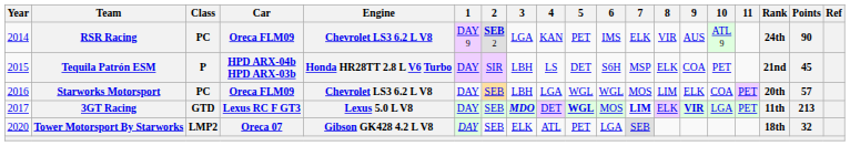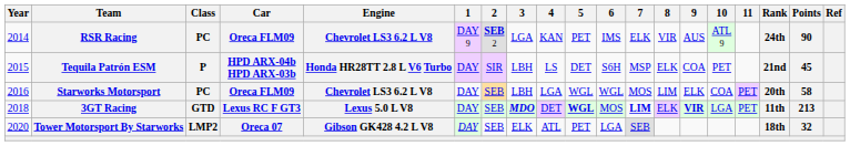 <table class="wikitable" style="text-align:center; font-size:85%">
 <tr>
 <th>Year</th>
 <th>Team</th>
 <th>Class</th>
 <th>Car</th>
 <th>Engine</th>
 <th>1</th>
 <th>2</th>
 <th>3</th>
 <th>4</th>
 <th>5</th>
 <th>6</th>
 <th>7</th>
 <th>8</th>
 <th>9</th>
 <th>10</th>
 <th>11</th>
 <th>Rank</th>
 <th>Points</th>
 <th>Ref</th>
 </tr>
 <tr>
 <td><a href='#'>2014</a></td>
 <th nowrap><a href='#'>RSR Racing</a></th>
 <th>PC</th>
 <th nowrap><a href='#'>Oreca FLM09</a></th>
 <th nowrap><a href='#'>Chevrolet LS3 6.2 L V8</a></th>
 <td style="background:#EFCFFF;"><a href='#'>DAY</a><br><small>9</small></td>
 <td style="background:#DFDFDF;"><strong><a href='#'>SEB</a></strong><br><small>2</small></td>
 <td><a href='#'>LGA</a><br><small></small></td>
 <td><a href='#'>KAN</a><br><small></small></td>
 <td><a href='#'>PET</a></td>
 <td><a href='#'>IMS</a><br><small></small></td>
 <td><a href='#'>ELK</a><br><small></small></td>
 <td><a href='#'>VIR</a><br><small></small></td>
 <td><a href='#'>AUS</a><br><small></small></td>
 <td style="background:#DFFFDF;"><a href='#'>ATL</a><br><small>9</small></td>
 <td></td>
 <th>24th</th>
 <th>90</th>
 <th></th>
 </tr>
 <tr>
 <td><a href='#'>2015</a></td>
 <th nowrap><a href='#'>Tequila Patrón ESM</a></th>
 <th>P</th>
 <th nowrap><a href='#'>HPD ARX-04b</a> <small></small><br><a href='#'>HPD ARX-03b</a> <small></small></th>
 <th nowrap><a href='#'>Honda</a> HR28TT 2.8 L <a href='#'>V6</a> <a href='#'>Turbo</a></th>
 <td style="background:#EFCFFF;"><a href='#'>DAY</a><br></td>
 <td style="background:#EFCFFF;"><a href='#'>SIR</a><br></td>
 <td><a href='#'>LBH</a></td>
 <td><a href='#'>LS</a></td>
 <td><a href='#'>DET</a></td>
 <td><a href='#'>S6H</a></td>
 <td><a href='#'>MSP</a></td>
 <td><a href='#'>ELK</a></td>
 <td><a href='#'>COA</a></td>
 <td><a href='#'>PET</a></td>
 <td></td>
 <th><strong>21nd</strong></th>
 <th><strong>45</strong></th>
 <th></th>
 </tr>
 <tr>
 <td><a href='#'>2016</a></td>
 <th nowrap><a href='#'>Starworks Motorsport</a></th>
 <th>PC</th>
 <th nowrap><a href='#'>Oreca FLM09</a></th>
 <th nowrap><a href='#'>Chevrolet</a> LS3 6.2 L V8</th>
 <td><a href='#'>DAY</a><br></td>
 <td style="background:#ffdf9f;"><a href='#'>SEB</a><br></td>
 <td><a href='#'>LBH</a><br></td>
 <td><a href='#'>LGA</a><br></td>
 <td><a href='#'>WGL</a><br><small></small></td>
 <td><a href='#'>WGL</a><br></td>
 <td><a href='#'>MOS</a><br></td>
 <td><a href='#'>LIM</a><br></td>
 <td><a href='#'>ELK</a><br></td>
 <td><a href='#'>COA</a><br></td>
 <td style="background:#efcfff;"><a href='#'>PET</a><br></td>
 <th>20th</th>
-<th>57</th>
+<th>58</th>
 <th></th>
 </tr>
 <tr>
-<td><a href='#'>2017</a></td>
+<td><a href='#'>2018</a></td>
 <th nowrap><a href='#'>3GT Racing</a></th>
 <th>GTD</th>
 <th nowrap><a href='#'>Lexus RC F GT3</a></th>
 <th nowrap><a href='#'>Lexus</a> 5.0 L V8</th>
 <td style="background:#DFFFDF;"><a href='#'>DAY</a><br></td>
 <td style="background:#DFFFDF;"><a href='#'>SEB</a><br></td>
 <td style="background:#DFFFDF;"><strong><em><a href='#'>MDO</a></em></strong><br></td>
 <td style="background:#EFCFFF;"><a href='#'>DET</a><br></td>
 <td style="background:#DFFFDF;"><strong><a href='#'>WGL</a></strong><br></td>
 <td style="background:#DFFFDF;"><a href='#'>MOS</a><br></td>
 <td><strong><a href='#'>LIM</a><br></strong></td>
 <td style="background:#EFCFFF;"><a href='#'>ELK</a><br></td>
 <td style="background:#DFFFDF;"><strong><a href='#'>VIR</a></strong><br></td>
 <td style="background:#DFFFDF;"><a href='#'>LGA</a><br></td>
 <td style="background:#DFFFDF;"><a href='#'>PET</a><br></td>
 <th>11th</th>
 <th>213</th>
 <th></th>
 </tr>
 <tr>
 <td><a href='#'>2020</a></td>
 <th nowrap><a href='#'>Tower Motorsport By Starworks</a></th>
 <th>LMP2</th>
 <th nowrap><a href='#'>Oreca 07</a></th>
 <th nowrap><a href='#'>Gibson</a> GK428 4.2 L V8</th>
 <td style="background:#DFFFDF;"><em><a href='#'>DAY</a></em><br></td>
 <td><a href='#'>SEB</a><br></td>
 <td><a href='#'>ELK</a><br></td>
 <td><a href='#'>ATL</a><br></td>
 <td><a href='#'>PET</a></td>
 <td><a href='#'>LGA</a></td>
 <td style="background:#DFDFDF;"><a href='#'>SEB</a><br></td>
 <td></td>
 <td></td>
 <td></td>
 <td></td>
 <th>18th</th>
 <th>32</th>
 <th></th>
 </tr>
 <tr>
 <th colspan="19"></th>
 </tr>
 </table>
